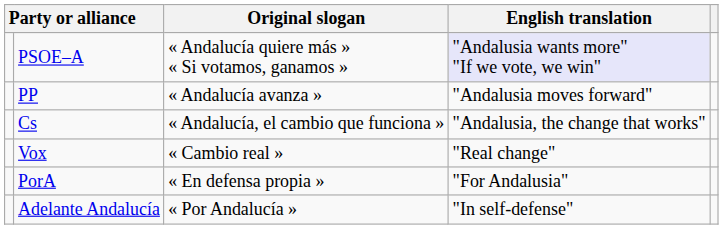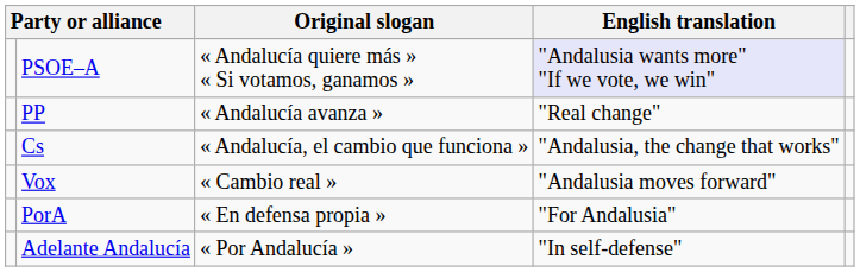 <table class="wikitable" style="text-align:left;">
 <tr>
 <th style="text-align:left;" colspan="2">Party or alliance</th>
 <th>Original slogan</th>
 <th>English translation</th>
 <th></th>
 </tr>
 <tr>
 <td width="1" style="color:inherit;background:"></td>
 <td><a href='#'>PSOE–A</a></td>
 <td>« Andalucía quiere más »<br>« Si votamos, ganamos »</td>
 <td style="background: lavender;">"Andalusia wants more"<br>"If we vote, we win"</td>
 <td></td>
 </tr>
 <tr>
 <td style="color:inherit;background:"></td>
 <td><a href='#'>PP</a></td>
 <td>« Andalucía avanza »</td>
-<td>"Andalusia moves forward"</td>
+<td>"Real change"</td>
 <td></td>
 </tr>
 <tr>
 <td style="color:inherit;background:"></td>
 <td><a href='#'>Cs</a></td>
 <td>« Andalucía, el cambio que funciona »</td>
 <td>"Andalusia, the change that works"</td>
 <td></td>
 </tr>
 <tr>
 <td style="color:inherit;background:"></td>
 <td><a href='#'>Vox</a></td>
 <td>« Cambio real »</td>
-<td>"Real change"</td>
+<td>"Andalusia moves forward"</td>
 <td></td>
 </tr>
 <tr>
 <td style="color:inherit;background:"></td>
 <td><a href='#'>PorA</a></td>
 <td>« En defensa propia »</td>
 <td>"For Andalusia"</td>
 <td></td>
 </tr>
 <tr>
 <td style="color:inherit;background:"></td>
 <td><a href='#'>Adelante Andalucía</a></td>
 <td>« Por Andalucía »</td>
 <td>"In self-defense"</td>
 <td></td>
 </tr>
 </table>
